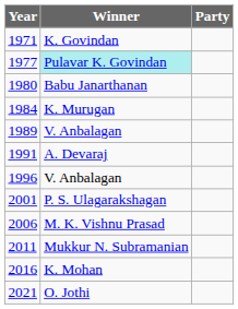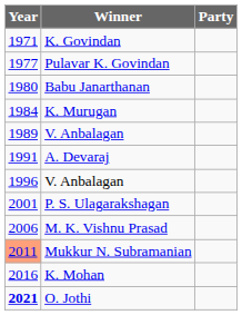 <table class="wikitable sortable">
 <tr>
 <th style="background-color:#666666; color:white">Year</th>
 <th style="background-color:#666666; color:white">Winner</th>
 <th style="background-color:#666666; color:white" colspan="2">Party</th>
 </tr>
 <tr>
 <td><a href='#'>1971</a></td>
 <td><a href='#'>K. Govindan</a></td>
 <td></td>
 </tr>
 <tr>
 <td><a href='#'>1977</a></td>
-<td style="background: paleturquoise;"><a href='#'>Pulavar K. Govindan</a></td>
+<td><a href='#'>Pulavar K. Govindan</a></td>
 <td></td>
 </tr>
 <tr>
 <td><a href='#'>1980</a></td>
 <td><a href='#'>Babu Janarthanan</a></td>
 <td></td>
 </tr>
 <tr>
 <td><a href='#'>1984</a></td>
 <td><a href='#'>K. Murugan</a></td>
 <td></td>
 </tr>
 <tr>
 <td><a href='#'>1989</a></td>
 <td><a href='#'>V. Anbalagan</a></td>
 <td></td>
 </tr>
 <tr>
 <td><a href='#'>1991</a></td>
 <td><a href='#'>A. Devaraj</a></td>
 <td></td>
 </tr>
 <tr>
 <td><a href='#'>1996</a></td>
 <td>V. Anbalagan</td>
 <td></td>
 </tr>
 <tr>
 <td><a href='#'>2001</a></td>
 <td><a href='#'>P. S. Ulagarakshagan</a></td>
 <td></td>
 </tr>
 <tr>
 <td><a href='#'>2006</a></td>
 <td><a href='#'>M. K. Vishnu Prasad</a></td>
 <td></td>
 </tr>
 <tr>
-<td><a href='#'>2011</a></td>
+<td style="background: lightsalmon;"><a href='#'>2011</a></td>
 <td><a href='#'>Mukkur N. Subramanian</a></td>
 <td></td>
 </tr>
 <tr>
 <td><a href='#'>2016</a></td>
 <td><a href='#'>K. Mohan</a></td>
 <td></td>
 </tr>
 <tr>
-<td><a href='#'>2021</a></td>
+<td><strong><a href='#'>2021</a></strong></td>
 <td><a href='#'>O. Jothi</a></td>
 <td></td>
 </tr>
 </table>
